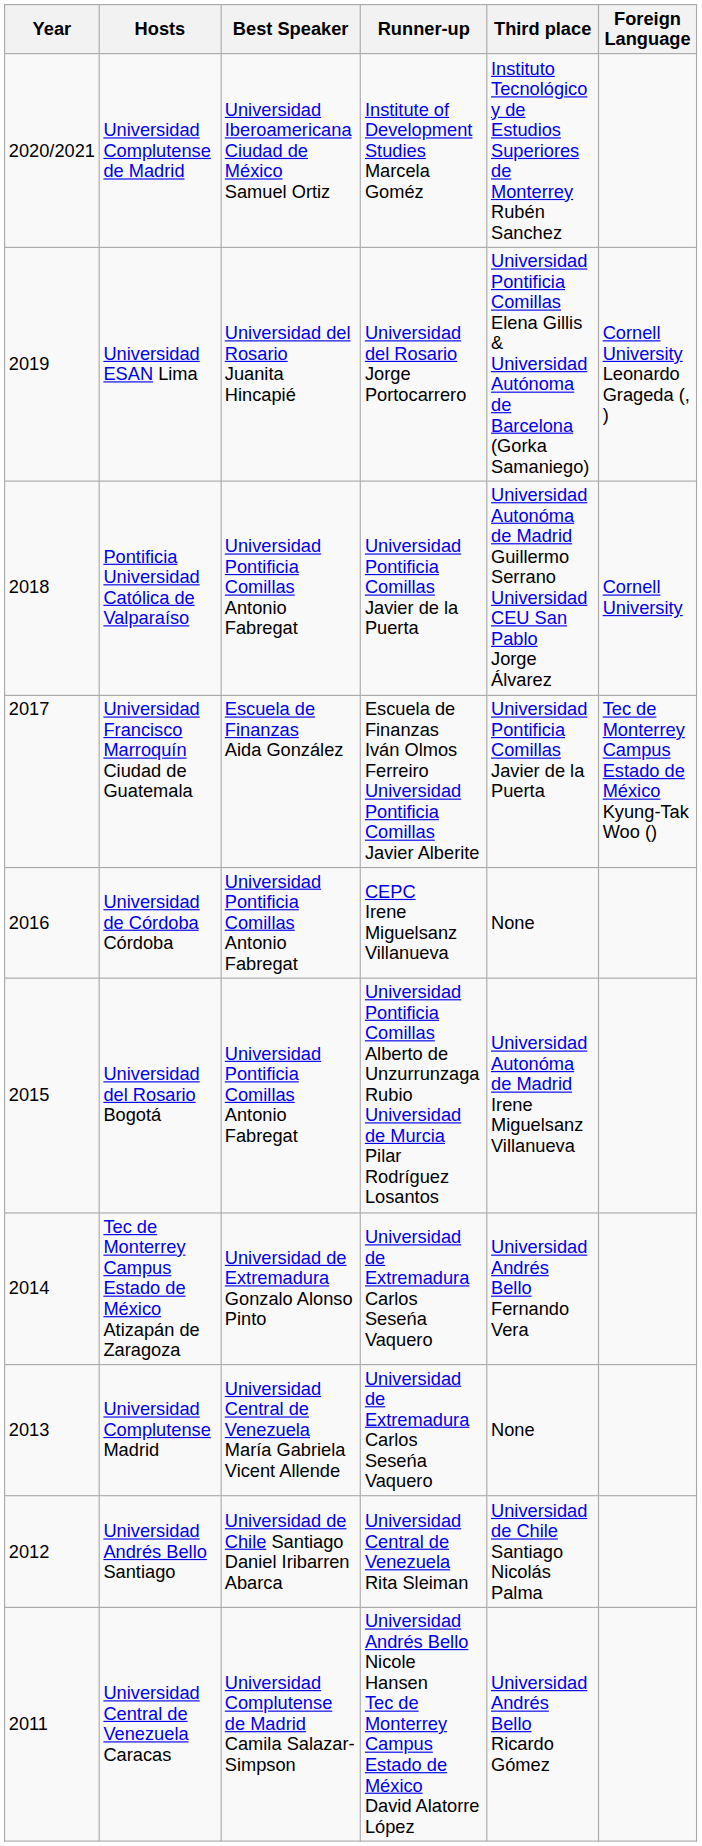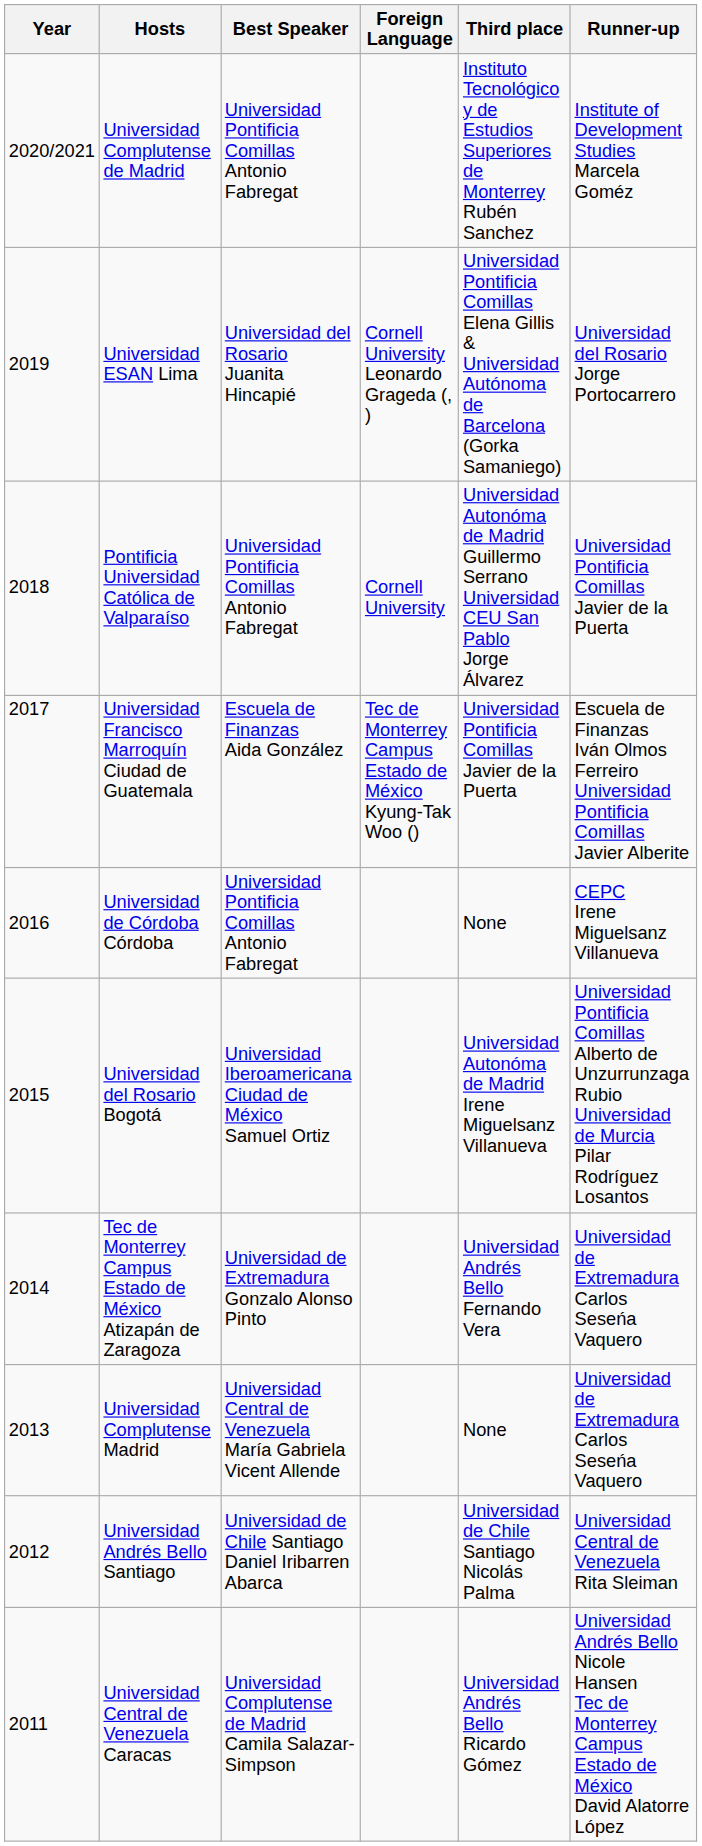 <table class="wikitable collapsible">
 <tr>
 <th>Year</th>
 <th>Hosts</th>
 <th>Best Speaker</th>
+<th>Foreign Language</th>
+<th>Third place</th>
 <th>Runner-up</th>
-<th>Third place</th>
-<th>Foreign Language</th>
 </tr>
 <tr>
 <td>2020/2021</td>
 <td> <a href='#'>Universidad Complutense de Madrid</a></td>
-<td> <a href='#'>Universidad Iberoamericana Ciudad de México</a><br>Samuel Ortiz</td>
+<td> <a href='#'>Universidad Pontificia Comillas</a><br>Antonio Fabregat</td>
+<td></td>
+<td> <a href='#'>Instituto Tecnológico y de Estudios Superiores de Monterrey</a><br>Rubén Sanchez</td>
 <td> <a href='#'>Institute of Development Studies</a><br>Marcela Goméz</td>
-<td> <a href='#'>Instituto Tecnológico y de Estudios Superiores de Monterrey</a><br>Rubén Sanchez</td>
-<td></td>
 </tr>
 <tr>
 <td>2019</td>
 <td> <a href='#'>Universidad ESAN</a> Lima</td>
 <td> <a href='#'>Universidad del Rosario</a><br>Juanita Hincapié</td>
+<td><br><a href='#'>Cornell University</a> Leonardo Grageda (,  )</td>
+<td> <a href='#'>Universidad Pontificia Comillas</a><br>Elena Gillis &<br><a href='#'>Universidad Autónoma de Barcelona</a> (Gorka Samaniego)</td>
 <td> <a href='#'>Universidad del Rosario</a><br>Jorge Portocarrero</td>
-<td> <a href='#'>Universidad Pontificia Comillas</a><br>Elena Gillis &<br><a href='#'>Universidad Autónoma de Barcelona</a> (Gorka Samaniego)</td>
-<td><br><a href='#'>Cornell University</a> Leonardo Grageda (,  )</td>
 </tr>
 <tr>
 <td>2018</td>
 <td> <a href='#'>Pontificia Universidad Católica de Valparaíso</a></td>
 <td> <a href='#'>Universidad Pontificia Comillas</a> Antonio Fabregat</td>
+<td><br><a href='#'>Cornell University</a></td>
+<td> <a href='#'>Universidad Autonóma de Madrid</a><br>Guillermo Serrano<br> <a href='#'>Universidad CEU San Pablo</a><br>Jorge Álvarez</td>
 <td> <a href='#'>Universidad Pontificia Comillas</a><br>Javier de la Puerta</td>
-<td> <a href='#'>Universidad Autonóma de Madrid</a><br>Guillermo Serrano<br> <a href='#'>Universidad CEU San Pablo</a><br>Jorge Álvarez</td>
-<td><br><a href='#'>Cornell University</a></td>
 </tr>
 <tr valign="Top">
 <td>2017</td>
 <td> <a href='#'>Universidad Francisco Marroquín</a> Ciudad de Guatemala</td>
 <td> <a href='#'>Escuela de Finanzas</a><br>Aida González</td>
+<td> <a href='#'>Tec de Monterrey Campus Estado de México</a><br>Kyung-Tak Woo () <br></td>
+<td> <a href='#'>Universidad Pontificia Comillas</a><br>Javier de la Puerta</td>
 <td> Escuela de Finanzas<br>Iván Olmos Ferreiro<br> <a href='#'>Universidad Pontificia Comillas</a><br>Javier Alberite</td>
-<td> <a href='#'>Universidad Pontificia Comillas</a><br>Javier de la Puerta</td>
-<td> <a href='#'>Tec de Monterrey Campus Estado de México</a><br>Kyung-Tak Woo () <br></td>
 </tr>
 <tr>
 <td>2016</td>
 <td> <a href='#'>Universidad de Córdoba</a> Córdoba</td>
 <td> <a href='#'>Universidad Pontificia Comillas</a> Antonio Fabregat</td>
+<td></td>
+<td>None</td>
 <td> <a href='#'>CEPC</a><br>Irene Miguelsanz Villanueva</td>
-<td>None</td>
-<td></td>
 </tr>
 <tr>
 <td>2015</td>
 <td> <a href='#'>Universidad del Rosario</a> Bogotá</td>
-<td> <a href='#'>Universidad Pontificia Comillas</a><br>Antonio Fabregat</td>
+<td> <a href='#'>Universidad Iberoamericana Ciudad de México</a><br>Samuel Ortiz</td>
+<td></td>
+<td> <a href='#'>Universidad Autonóma de Madrid</a><br>Irene Miguelsanz Villanueva</td>
 <td> <a href='#'>Universidad Pontificia Comillas</a><br>Alberto de Unzurrunzaga Rubio<br> <a href='#'>Universidad de Murcia</a><br>Pilar Rodríguez Losantos</td>
-<td> <a href='#'>Universidad Autonóma de Madrid</a><br>Irene Miguelsanz Villanueva</td>
-<td></td>
 </tr>
 <tr>
 <td>2014</td>
 <td> <a href='#'>Tec de Monterrey Campus Estado de México</a> Atizapán de Zaragoza</td>
 <td> <a href='#'>Universidad de Extremadura</a><br>Gonzalo Alonso Pinto</td>
+<td></td>
+<td> <a href='#'>Universidad Andrés Bello</a> Fernando Vera</td>
 <td> <a href='#'>Universidad de Extremadura</a><br>Carlos Seseńa Vaquero</td>
-<td> <a href='#'>Universidad Andrés Bello</a> Fernando Vera</td>
-<td></td>
 </tr>
 <tr>
 <td>2013</td>
 <td> <a href='#'>Universidad Complutense</a>	 Madrid</td>
 <td> <a href='#'>Universidad Central de Venezuela</a> María Gabriela Vicent Allende</td>
+<td></td>
+<td>None</td>
 <td> <a href='#'>Universidad de Extremadura</a><br>Carlos Seseńa Vaquero</td>
-<td>None</td>
-<td></td>
 </tr>
 <tr>
 <td>2012</td>
 <td> <a href='#'>Universidad Andrés Bello</a>	 Santiago</td>
 <td> <a href='#'>Universidad de Chile</a> Santiago<br>Daniel Iribarren Abarca</td>
+<td></td>
+<td> <a href='#'>Universidad de Chile</a> Santiago<br>Nicolás Palma</td>
 <td> <a href='#'>Universidad Central de Venezuela</a><br>Rita Sleiman</td>
-<td> <a href='#'>Universidad de Chile</a> Santiago<br>Nicolás Palma</td>
-<td></td>
 </tr>
 <tr>
 <td>2011</td>
 <td> <a href='#'>Universidad Central de Venezuela</a> Caracas</td>
 <td> <a href='#'>Universidad Complutense de Madrid</a><br>Camila Salazar-Simpson</td>
+<td></td>
+<td> <a href='#'>Universidad Andrés Bello</a> Ricardo Gómez</td>
 <td> <a href='#'>Universidad Andrés Bello</a><br>Nicole Hansen<br> <a href='#'>Tec de Monterrey Campus Estado de México</a><br>David Alatorre López</td>
-<td> <a href='#'>Universidad Andrés Bello</a> Ricardo Gómez</td>
-<td></td>
 </tr>
 </table>
